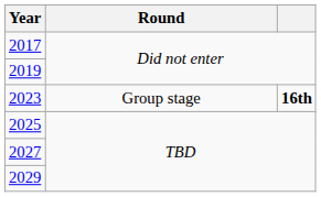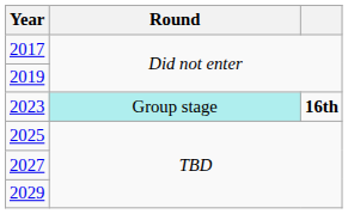 <table class="wikitable" style="text-align: center; font-size:90%">
 <tr>
 <th>Year</th>
 <th style="width:200px">Round</th>
 <th></th>
 </tr>
 <tr>
 <td><a href='#'>2017</a></td>
 <td colspan="2" rowspan="2"><em>Did not enter</em></td>
 </tr>
 <tr>
 <td><a href='#'>2019</a></td>
 </tr>
 <tr>
 <td><a href='#'>2023</a></td>
-<td>Group stage</td>
+<td style="background: paleturquoise;">Group stage</td>
 <td><strong>16th</strong></td>
 </tr>
 <tr>
 <td><a href='#'>2025</a></td>
 <td colspan="2" rowspan="3"><em>TBD</em></td>
 </tr>
 <tr>
 <td><a href='#'>2027</a></td>
 </tr>
 <tr>
 <td><a href='#'>2029</a></td>
 </tr>
 </table>
